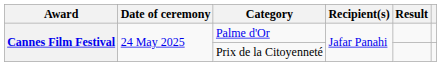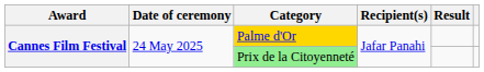 <table class="wikitable sortable plainrowheaders">
 <tr>
 <th scope="col">Award</th>
 <th scope="col">Date of ceremony</th>
 <th scope="col">Category</th>
 <th scope="col">Recipient(s)</th>
 <th scope="col">Result</th>
 <th scope="col" class="unsortable"></th>
 </tr>
 <tr>
 <th scope="row" rowspan="2"><a href='#'>Cannes Film Festival</a></th>
 <td rowspan="2"><a href='#'>24 May 2025</a></td>
-<td><a href='#'>Palme d'Or</a></td>
+<td style="background: gold;"><a href='#'>Palme d'Or</a></td>
 <td rowspan="2"><a href='#'>Jafar Panahi</a></td>
 <td></td>
 <td align="center"></td>
 </tr>
 <tr>
-<td>Prix de la Citoyenneté</td>
+<td style="background: lightgreen;">Prix de la Citoyenneté</td>
 <td></td>
 <td align="center"></td>
 </tr>
 </table>
